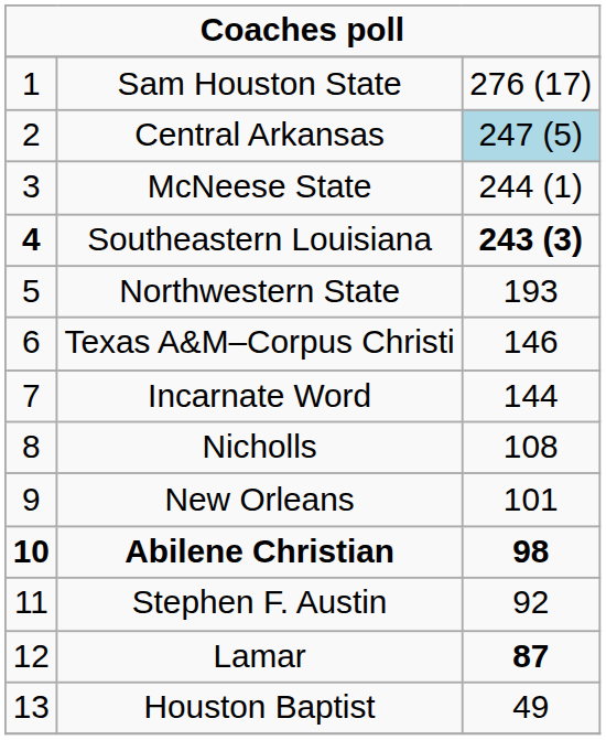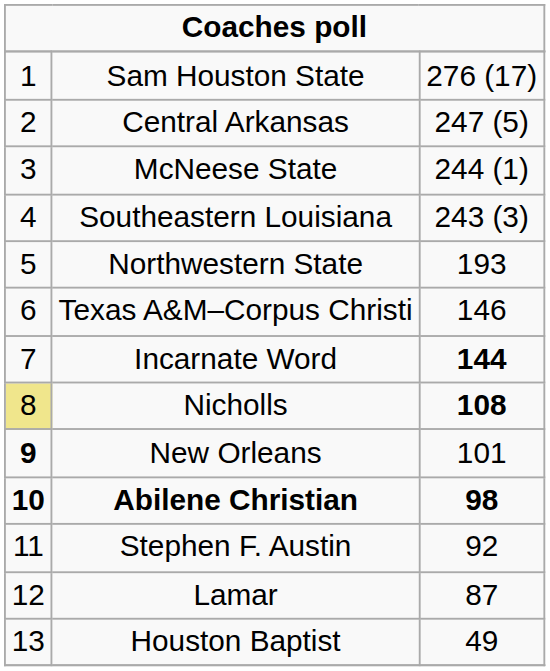 <table class="wikitable">
 <tr align="center">
 <td align="center" Colspan="3"><strong>Coaches poll</strong></td>
 </tr>
 <tr align="center">
 </tr>
 <tr align="center">
 <td>1</td>
 <td>Sam Houston State</td>
 <td>276 (17)</td>
 </tr>
 <tr align="center">
 <td>2</td>
 <td>Central Arkansas</td>
-<td style="background: lightblue;">247 (5)</td>
+<td>247 (5)</td>
 </tr>
 <tr align="center">
 <td>3</td>
 <td>McNeese State</td>
 <td>244 (1)</td>
 </tr>
 <tr align="center">
-<td><strong>4</strong></td>
+<td>4</td>
 <td>Southeastern Louisiana</td>
-<td><strong>243 (3)</strong></td>
+<td>243 (3)</td>
 </tr>
 <tr align="center">
 <td>5</td>
 <td>Northwestern State</td>
 <td>193</td>
 </tr>
 <tr align="center">
 <td>6</td>
 <td>Texas A&M–Corpus Christi</td>
 <td>146</td>
 </tr>
 <tr align="center">
 <td>7</td>
 <td>Incarnate Word</td>
-<td>144</td>
+<td><strong>144</strong></td>
 </tr>
 <tr align="center">
-<td>8</td>
+<td style="background: khaki;">8</td>
 <td>Nicholls</td>
-<td>108</td>
+<td><strong>108</strong></td>
 </tr>
 <tr align="center">
-<td>9</td>
+<td><strong>9</strong></td>
 <td>New Orleans</td>
 <td>101</td>
 </tr>
 <tr align="center">
 <td><strong>10</strong></td>
 <td><strong>Abilene Christian</strong></td>
 <td><strong>98</strong></td>
 </tr>
 <tr align="center">
 <td>11</td>
 <td>Stephen F. Austin</td>
 <td>92</td>
 </tr>
 <tr align="center">
 <td>12</td>
 <td>Lamar</td>
-<td><strong>87</strong></td>
+<td>87</td>
 </tr>
 <tr align="center">
 <td>13</td>
 <td>Houston Baptist</td>
 <td>49</td>
 </tr>
 <tr align="center">
 </tr>
 </table>
